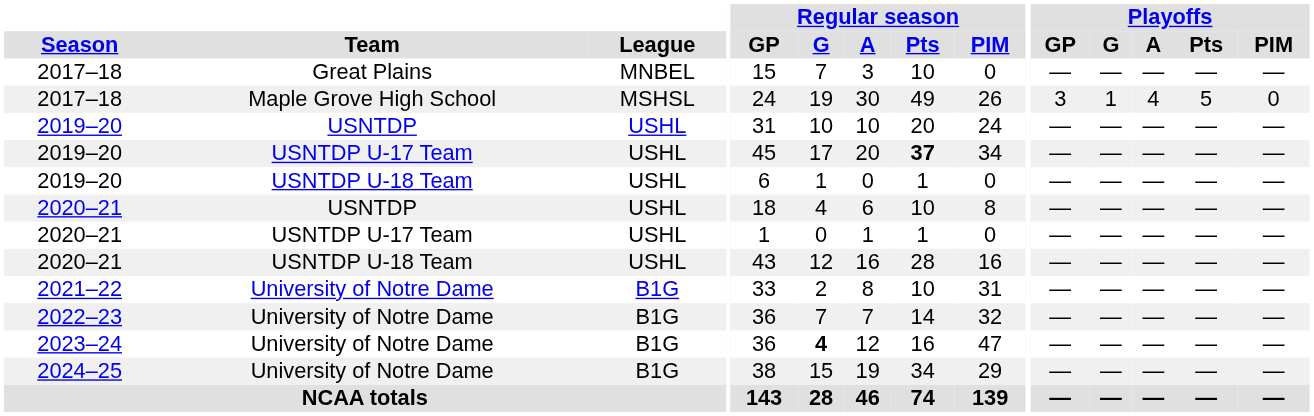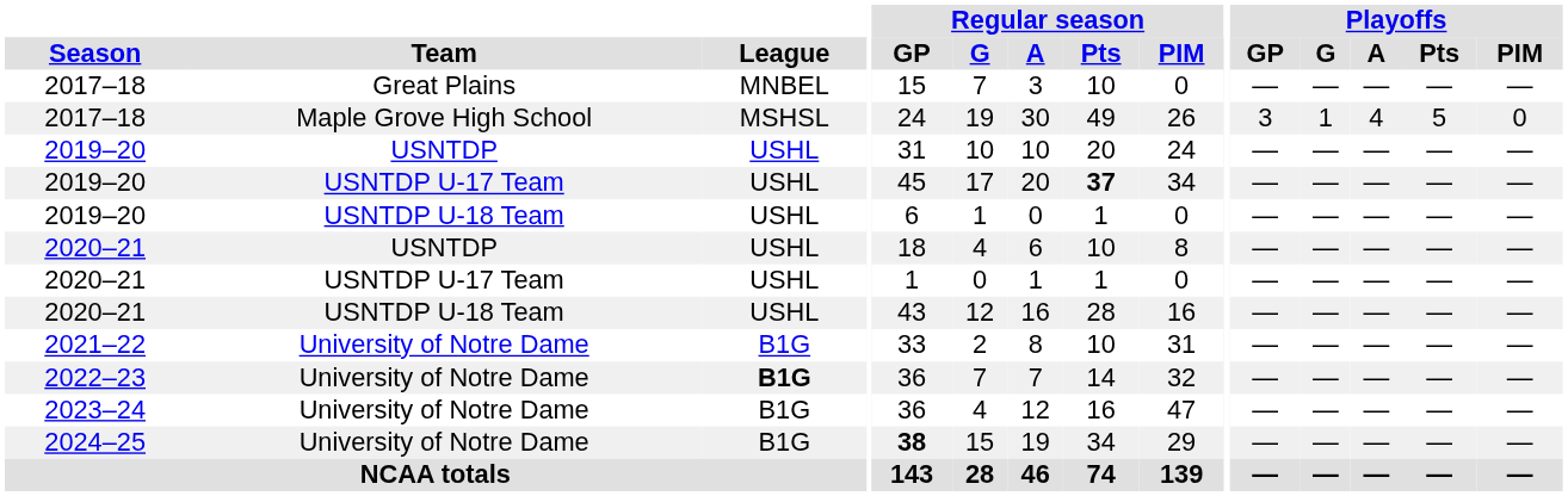 <table border="0" cellpadding="1" cellspacing="0" style="text-align:center; width:60em">
 <tr bgcolor="#e0e0e0">
 <th colspan="3" bgcolor="#ffffff"></th>
 <th rowspan="101" bgcolor="#ffffff"></th>
 <th colspan="5"><a href='#'>Regular season</a></th>
 <th rowspan="101" bgcolor="#ffffff"></th>
 <th colspan="5"><a href='#'>Playoffs</a></th>
 </tr>
 <tr bgcolor="#e0e0e0">
 <th><a href='#'>Season</a></th>
 <th>Team</th>
 <th>League</th>
 <th>GP</th>
 <th><a href='#'>G</a></th>
 <th><a href='#'>A</a></th>
 <th><a href='#'>Pts</a></th>
 <th><a href='#'>PIM</a></th>
 <th>GP</th>
 <th>G</th>
 <th>A</th>
 <th>Pts</th>
 <th>PIM</th>
 </tr>
 <tr>
 <td>2017–18</td>
 <td>Great Plains</td>
 <td>MNBEL</td>
 <td>15</td>
 <td>7</td>
 <td>3</td>
 <td>10</td>
 <td>0</td>
 <td>—</td>
 <td>—</td>
 <td>—</td>
 <td>—</td>
 <td>—</td>
 </tr>
 <tr bgcolor="#f0f0f0">
 <td>2017–18</td>
 <td>Maple Grove High School</td>
 <td>MSHSL</td>
 <td>24</td>
 <td>19</td>
 <td>30</td>
 <td>49</td>
 <td>26</td>
 <td>3</td>
 <td>1</td>
 <td>4</td>
 <td>5</td>
 <td>0</td>
 </tr>
 <tr>
 <td><a href='#'>2019–20</a></td>
 <td><a href='#'>USNTDP</a></td>
 <td><a href='#'>USHL</a></td>
 <td>31</td>
 <td>10</td>
 <td>10</td>
 <td>20</td>
 <td>24</td>
 <td>—</td>
 <td>—</td>
 <td>—</td>
 <td>—</td>
 <td>—</td>
 </tr>
 <tr bgcolor="#f0f0f0">
 <td>2019–20</td>
 <td><a href='#'>USNTDP U-17 Team</a></td>
 <td>USHL</td>
 <td>45</td>
 <td>17</td>
 <td>20</td>
 <td><strong>37</strong></td>
 <td>34</td>
 <td>—</td>
 <td>—</td>
 <td>—</td>
 <td>—</td>
 <td>—</td>
 </tr>
 <tr>
 <td>2019–20</td>
 <td><a href='#'>USNTDP U-18 Team</a></td>
 <td>USHL</td>
 <td>6</td>
 <td>1</td>
 <td>0</td>
 <td>1</td>
 <td>0</td>
 <td>—</td>
 <td>—</td>
 <td>—</td>
 <td>—</td>
 <td>—</td>
 </tr>
 <tr bgcolor="#f0f0f0">
 <td><a href='#'>2020–21</a></td>
 <td>USNTDP</td>
 <td>USHL</td>
 <td>18</td>
 <td>4</td>
 <td>6</td>
 <td>10</td>
 <td>8</td>
 <td>—</td>
 <td>—</td>
 <td>—</td>
 <td>—</td>
 <td>—</td>
 </tr>
 <tr>
 <td>2020–21</td>
 <td>USNTDP U-17 Team</td>
 <td>USHL</td>
 <td>1</td>
 <td>0</td>
 <td>1</td>
 <td>1</td>
 <td>0</td>
 <td>—</td>
 <td>—</td>
 <td>—</td>
 <td>—</td>
 <td>—</td>
 </tr>
 <tr bgcolor="#f0f0f0">
 <td>2020–21</td>
 <td>USNTDP U-18 Team</td>
 <td>USHL</td>
 <td>43</td>
 <td>12</td>
 <td>16</td>
 <td>28</td>
 <td>16</td>
 <td>—</td>
 <td>—</td>
 <td>—</td>
 <td>—</td>
 <td>—</td>
 </tr>
 <tr>
 <td><a href='#'>2021–22</a></td>
 <td><a href='#'>University of Notre Dame</a></td>
 <td><a href='#'>B1G</a></td>
 <td>33</td>
 <td>2</td>
 <td>8</td>
 <td>10</td>
 <td>31</td>
 <td>—</td>
 <td>—</td>
 <td>—</td>
 <td>—</td>
 <td>—</td>
 </tr>
 <tr bgcolor="#f0f0f0">
 <td><a href='#'>2022–23</a></td>
 <td>University of Notre Dame</td>
-<td>B1G</td>
+<td><strong>B1G</strong></td>
 <td>36</td>
 <td>7</td>
 <td>7</td>
 <td>14</td>
 <td>32</td>
 <td>—</td>
 <td>—</td>
 <td>—</td>
 <td>—</td>
 <td>—</td>
 </tr>
 <tr>
 <td><a href='#'>2023–24</a></td>
 <td>University of Notre Dame</td>
 <td>B1G</td>
 <td>36</td>
-<td><strong>4</strong></td>
+<td>4</td>
 <td>12</td>
 <td>16</td>
 <td>47</td>
 <td>—</td>
 <td>—</td>
 <td>—</td>
 <td>—</td>
 <td>—</td>
 </tr>
 <tr bgcolor="#f0f0f0">
 <td><a href='#'>2024–25</a></td>
 <td>University of Notre Dame</td>
 <td>B1G</td>
-<td>38</td>
+<td><strong>38</strong></td>
 <td>15</td>
 <td>19</td>
 <td>34</td>
 <td>29</td>
 <td>—</td>
 <td>—</td>
 <td>—</td>
 <td>—</td>
 <td>—</td>
 </tr>
 <tr bgcolor="#f0f0f0">
 </tr>
 <tr bgcolor="#e0e0e0">
 <th colspan="3">NCAA totals</th>
 <th>143</th>
 <th>28</th>
 <th>46</th>
 <th>74</th>
 <th>139</th>
 <th>—</th>
 <th>—</th>
 <th>—</th>
 <th>—</th>
 <th>—</th>
 </tr>
 </table>
